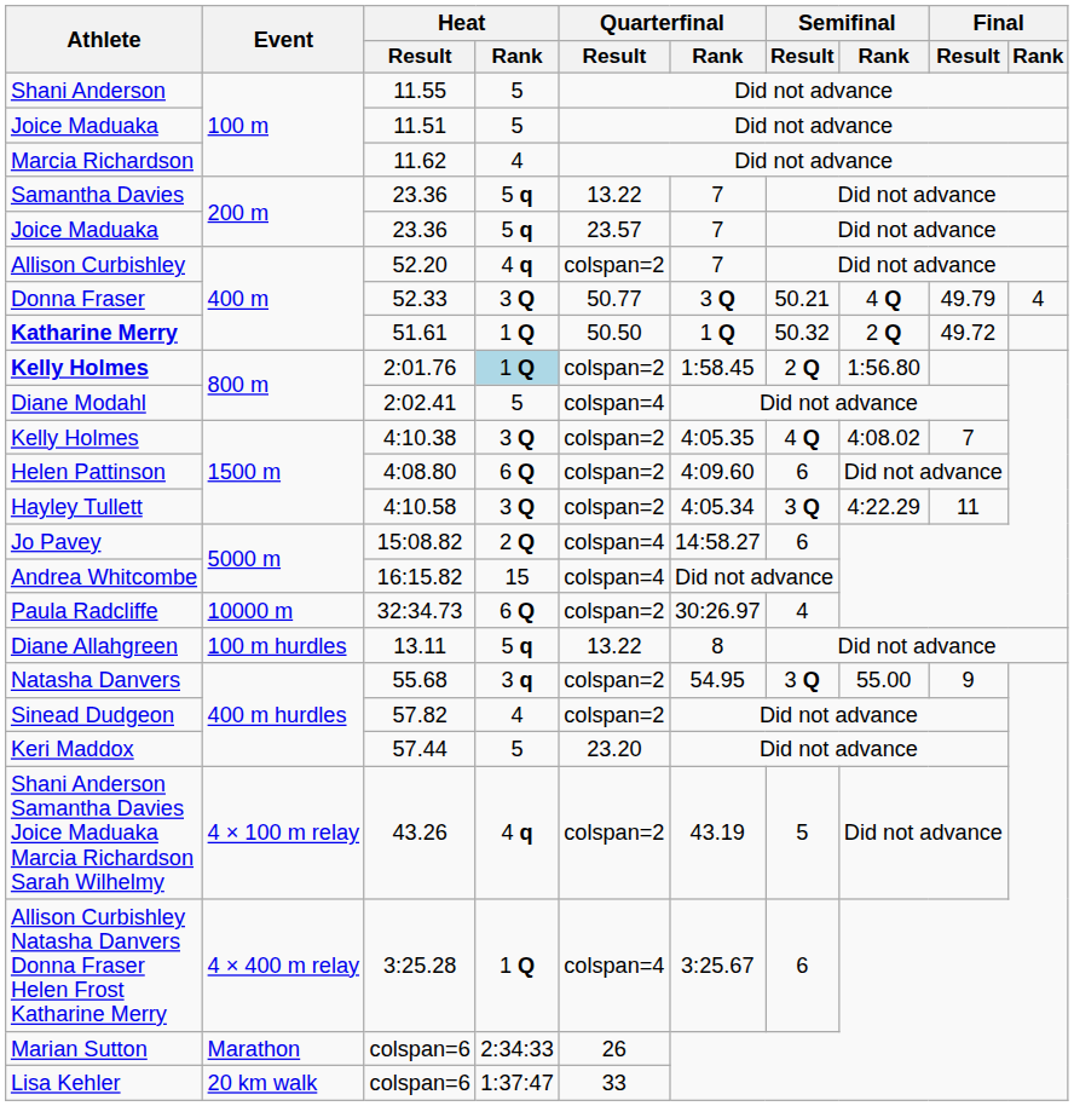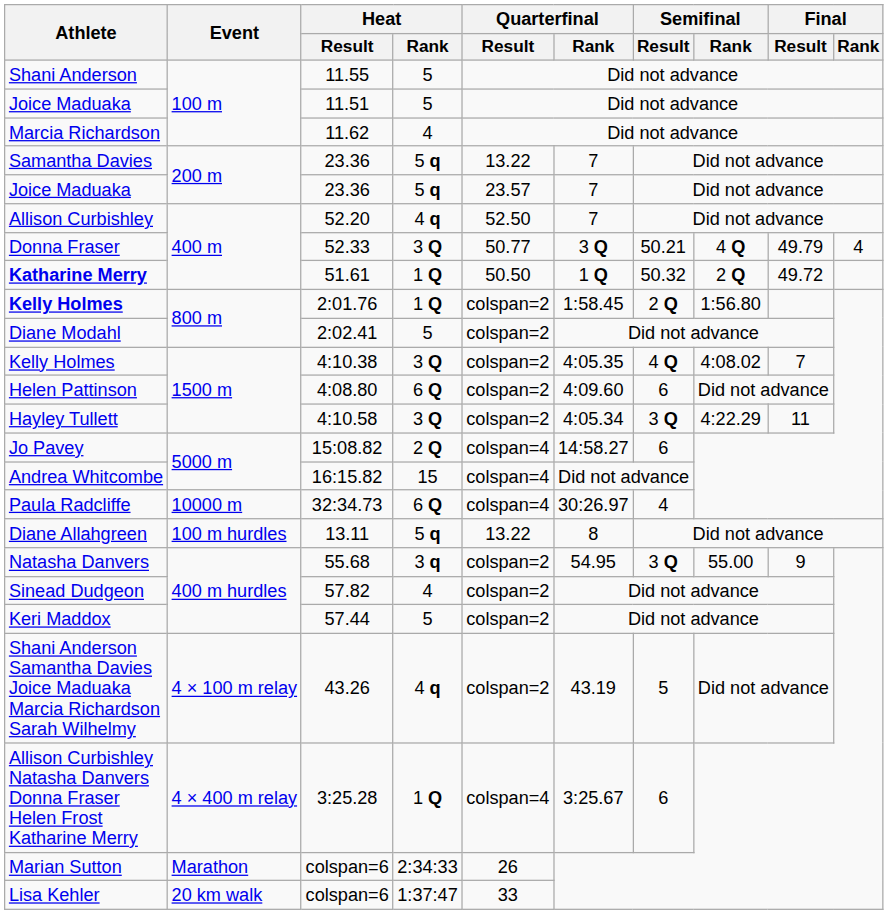 <table class=wikitable style="font-size:90%">
 <tr>
 <th rowspan="2">Athlete</th>
 <th rowspan="2">Event</th>
 <th colspan="2">Heat</th>
 <th colspan="2">Quarterfinal</th>
 <th colspan="2">Semifinal</th>
 <th colspan="2">Final</th>
 </tr>
 <tr style="font-size:95%">
 <th>Result</th>
 <th>Rank</th>
 <th>Result</th>
 <th>Rank</th>
 <th>Result</th>
 <th>Rank</th>
 <th>Result</th>
 <th>Rank</th>
 </tr>
 <tr align=center>
 <td align=left><a href='#'>Shani Anderson</a></td>
 <td align=left rowspan=3><a href='#'>100 m</a></td>
 <td>11.55</td>
 <td>5</td>
 <td colspan=6>Did not advance</td>
 </tr>
 <tr align=center>
 <td align=left><a href='#'>Joice Maduaka</a></td>
 <td>11.51</td>
 <td>5</td>
 <td colspan=6>Did not advance</td>
 </tr>
 <tr align=center>
 <td align=left><a href='#'>Marcia Richardson</a></td>
 <td>11.62</td>
 <td>4</td>
 <td colspan=6>Did not advance</td>
 </tr>
 <tr align=center>
 <td align=left><a href='#'>Samantha Davies</a></td>
 <td align=left rowspan=2><a href='#'>200 m</a></td>
 <td>23.36</td>
 <td>5 <strong>q</strong></td>
 <td>13.22</td>
 <td>7</td>
 <td colspan=4>Did not advance</td>
 </tr>
 <tr align=center>
 <td align=left><a href='#'>Joice Maduaka</a></td>
 <td>23.36</td>
 <td>5 <strong>q</strong></td>
 <td>23.57</td>
 <td>7</td>
 <td colspan=4>Did not advance</td>
 </tr>
 <tr align=center>
 <td align=left><a href='#'>Allison Curbishley</a></td>
 <td align=left rowspan=3><a href='#'>400 m</a></td>
 <td>52.20</td>
 <td>4 <strong>q</strong></td>
-<td>colspan=2 </td>
+<td>52.50</td>
 <td>7</td>
 <td colspan=4>Did not advance</td>
 </tr>
 <tr align=center>
 <td align=left><a href='#'>Donna Fraser</a></td>
 <td>52.33</td>
 <td>3 <strong>Q</strong></td>
 <td>50.77</td>
 <td>3 <strong>Q</strong></td>
 <td>50.21</td>
 <td>4 <strong>Q</strong></td>
 <td>49.79</td>
 <td>4</td>
 </tr>
 <tr align=center>
 <td align=left><strong><a href='#'>Katharine Merry</a></strong></td>
 <td>51.61</td>
 <td>1 <strong>Q</strong></td>
 <td>50.50</td>
 <td>1 <strong>Q</strong></td>
 <td>50.32</td>
 <td>2 <strong>Q</strong></td>
 <td>49.72</td>
 <td></td>
 </tr>
 <tr align=center>
 <td align=left><strong><a href='#'>Kelly Holmes</a></strong></td>
 <td align=left rowspan=2><a href='#'>800 m</a></td>
 <td>2:01.76</td>
-<td style="background: lightblue;">1 <strong>Q</strong></td>
+<td>1 <strong>Q</strong></td>
 <td>colspan=2 </td>
 <td>1:58.45</td>
 <td>2 <strong>Q</strong></td>
 <td>1:56.80</td>
 <td></td>
 </tr>
 <tr align=center>
 <td align=left><a href='#'>Diane Modahl</a></td>
 <td>2:02.41</td>
 <td>5</td>
-<td>colspan=4 </td>
+<td>colspan=2 </td>
 <td colspan=4>Did not advance</td>
 </tr>
 <tr align=center>
 <td align=left><a href='#'>Kelly Holmes</a></td>
 <td align=left rowspan=3><a href='#'>1500 m</a></td>
 <td>4:10.38</td>
 <td>3 <strong>Q</strong></td>
 <td>colspan=2 </td>
 <td>4:05.35</td>
 <td>4 <strong>Q</strong></td>
 <td>4:08.02</td>
 <td>7</td>
 </tr>
 <tr align=center>
 <td align=left><a href='#'>Helen Pattinson</a></td>
 <td>4:08.80</td>
 <td>6 <strong>Q</strong></td>
 <td>colspan=2 </td>
 <td>4:09.60</td>
 <td>6</td>
 <td colspan=2>Did not advance</td>
 </tr>
 <tr align=center>
 <td align=left><a href='#'>Hayley Tullett</a></td>
 <td>4:10.58</td>
 <td>3 <strong>Q</strong></td>
 <td>colspan=2 </td>
 <td>4:05.34</td>
 <td>3 <strong>Q</strong></td>
 <td>4:22.29</td>
 <td>11</td>
 </tr>
 <tr align=center>
 <td align=left><a href='#'>Jo Pavey</a></td>
 <td align=left rowspan=2><a href='#'>5000 m</a></td>
 <td>15:08.82</td>
 <td>2 <strong>Q</strong></td>
 <td>colspan=4 </td>
 <td>14:58.27</td>
 <td>6</td>
 </tr>
 <tr align=center>
 <td align=left><a href='#'>Andrea Whitcombe</a></td>
 <td>16:15.82</td>
 <td>15</td>
 <td>colspan=4 </td>
 <td colspan=2>Did not advance</td>
 </tr>
 <tr align=center>
 <td align=left><a href='#'>Paula Radcliffe</a></td>
 <td align=left><a href='#'>10000 m</a></td>
 <td>32:34.73</td>
 <td>6 <strong>Q</strong></td>
-<td>colspan=2 </td>
+<td>colspan=4 </td>
 <td>30:26.97</td>
 <td>4</td>
 </tr>
 <tr align=center>
 <td align=left><a href='#'>Diane Allahgreen</a></td>
 <td align=left><a href='#'>100 m hurdles</a></td>
 <td>13.11</td>
 <td>5 <strong>q</strong></td>
 <td>13.22</td>
 <td>8</td>
 <td colspan=4>Did not advance</td>
 </tr>
 <tr align=center>
 <td align=left><a href='#'>Natasha Danvers</a></td>
 <td align=left rowspan=3><a href='#'>400 m hurdles</a></td>
 <td>55.68</td>
 <td>3 <strong>q</strong></td>
 <td>colspan=2 </td>
 <td>54.95</td>
 <td>3 <strong>Q</strong></td>
 <td>55.00</td>
 <td>9</td>
 </tr>
 <tr align=center>
 <td align=left><a href='#'>Sinead Dudgeon</a></td>
 <td>57.82</td>
 <td>4</td>
 <td>colspan=2 </td>
 <td colspan=4>Did not advance</td>
 </tr>
 <tr align=center>
 <td align=left><a href='#'>Keri Maddox</a></td>
 <td>57.44</td>
 <td>5</td>
-<td>23.20</td>
+<td>colspan=2 </td>
 <td colspan=4>Did not advance</td>
 </tr>
 <tr align=center>
 <td align=left><a href='#'>Shani Anderson</a><br><a href='#'>Samantha Davies</a><br><a href='#'>Joice Maduaka</a><br><a href='#'>Marcia Richardson</a><br><a href='#'>Sarah Wilhelmy</a></td>
 <td align=left><a href='#'>4 × 100 m relay</a></td>
 <td>43.26</td>
 <td>4 <strong>q</strong></td>
 <td>colspan=2 </td>
 <td>43.19</td>
 <td>5</td>
 <td colspan=2>Did not advance</td>
 </tr>
 <tr align=center>
 <td align=left><a href='#'>Allison Curbishley</a><br><a href='#'>Natasha Danvers</a><br><a href='#'>Donna Fraser</a><br><a href='#'>Helen Frost</a><br><a href='#'>Katharine Merry</a></td>
 <td align=left><a href='#'>4 × 400 m relay</a></td>
 <td>3:25.28</td>
 <td>1 <strong>Q</strong></td>
 <td>colspan=4 </td>
 <td>3:25.67</td>
 <td>6</td>
 </tr>
 <tr align=center>
 <td align=left><a href='#'>Marian Sutton</a></td>
 <td align=left><a href='#'>Marathon</a></td>
 <td>colspan=6 </td>
 <td>2:34:33</td>
 <td>26</td>
 </tr>
 <tr align=center>
 <td align=left><a href='#'>Lisa Kehler</a></td>
 <td align=left><a href='#'>20 km walk</a></td>
 <td>colspan=6 </td>
 <td>1:37:47</td>
 <td>33</td>
 </tr>
 </table>
